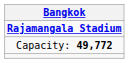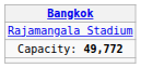 <table class="wikitable" style="text-align:center;margin:1em auto;">
 <tr>
 <th colspan="1"><a href='#'>Bangkok</a></th>
 </tr>
 <tr>
-<td><strong><a href='#'>Rajamangala Stadium</a></strong></td>
+<td><a href='#'>Rajamangala Stadium</a></td>
 </tr>
 <tr>
 <td>Capacity: <strong>49,772</strong></td>
 </tr>
 <tr>
 <td></td>
 </tr>
 </table>
